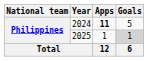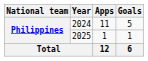 <table class="wikitable" style="text-align:center">
 <tr>
 <th>National team</th>
 <th>Year</th>
 <th>Apps</th>
 <th>Goals</th>
 </tr>
 <tr>
 <th rowspan="2"><a href='#'>Philippines</a></th>
 <td>2024</td>
-<td><strong>11</strong></td>
+<td>11</td>
 <td>5</td>
 </tr>
 <tr>
 <td>2025</td>
 <td>1</td>
-<td style="background: lightgrey;">1</td>
+<td>1</td>
 </tr>
 <tr>
 <th colspan="2">Total</th>
 <th>12</th>
 <th>6</th>
 </tr>
 </table>
